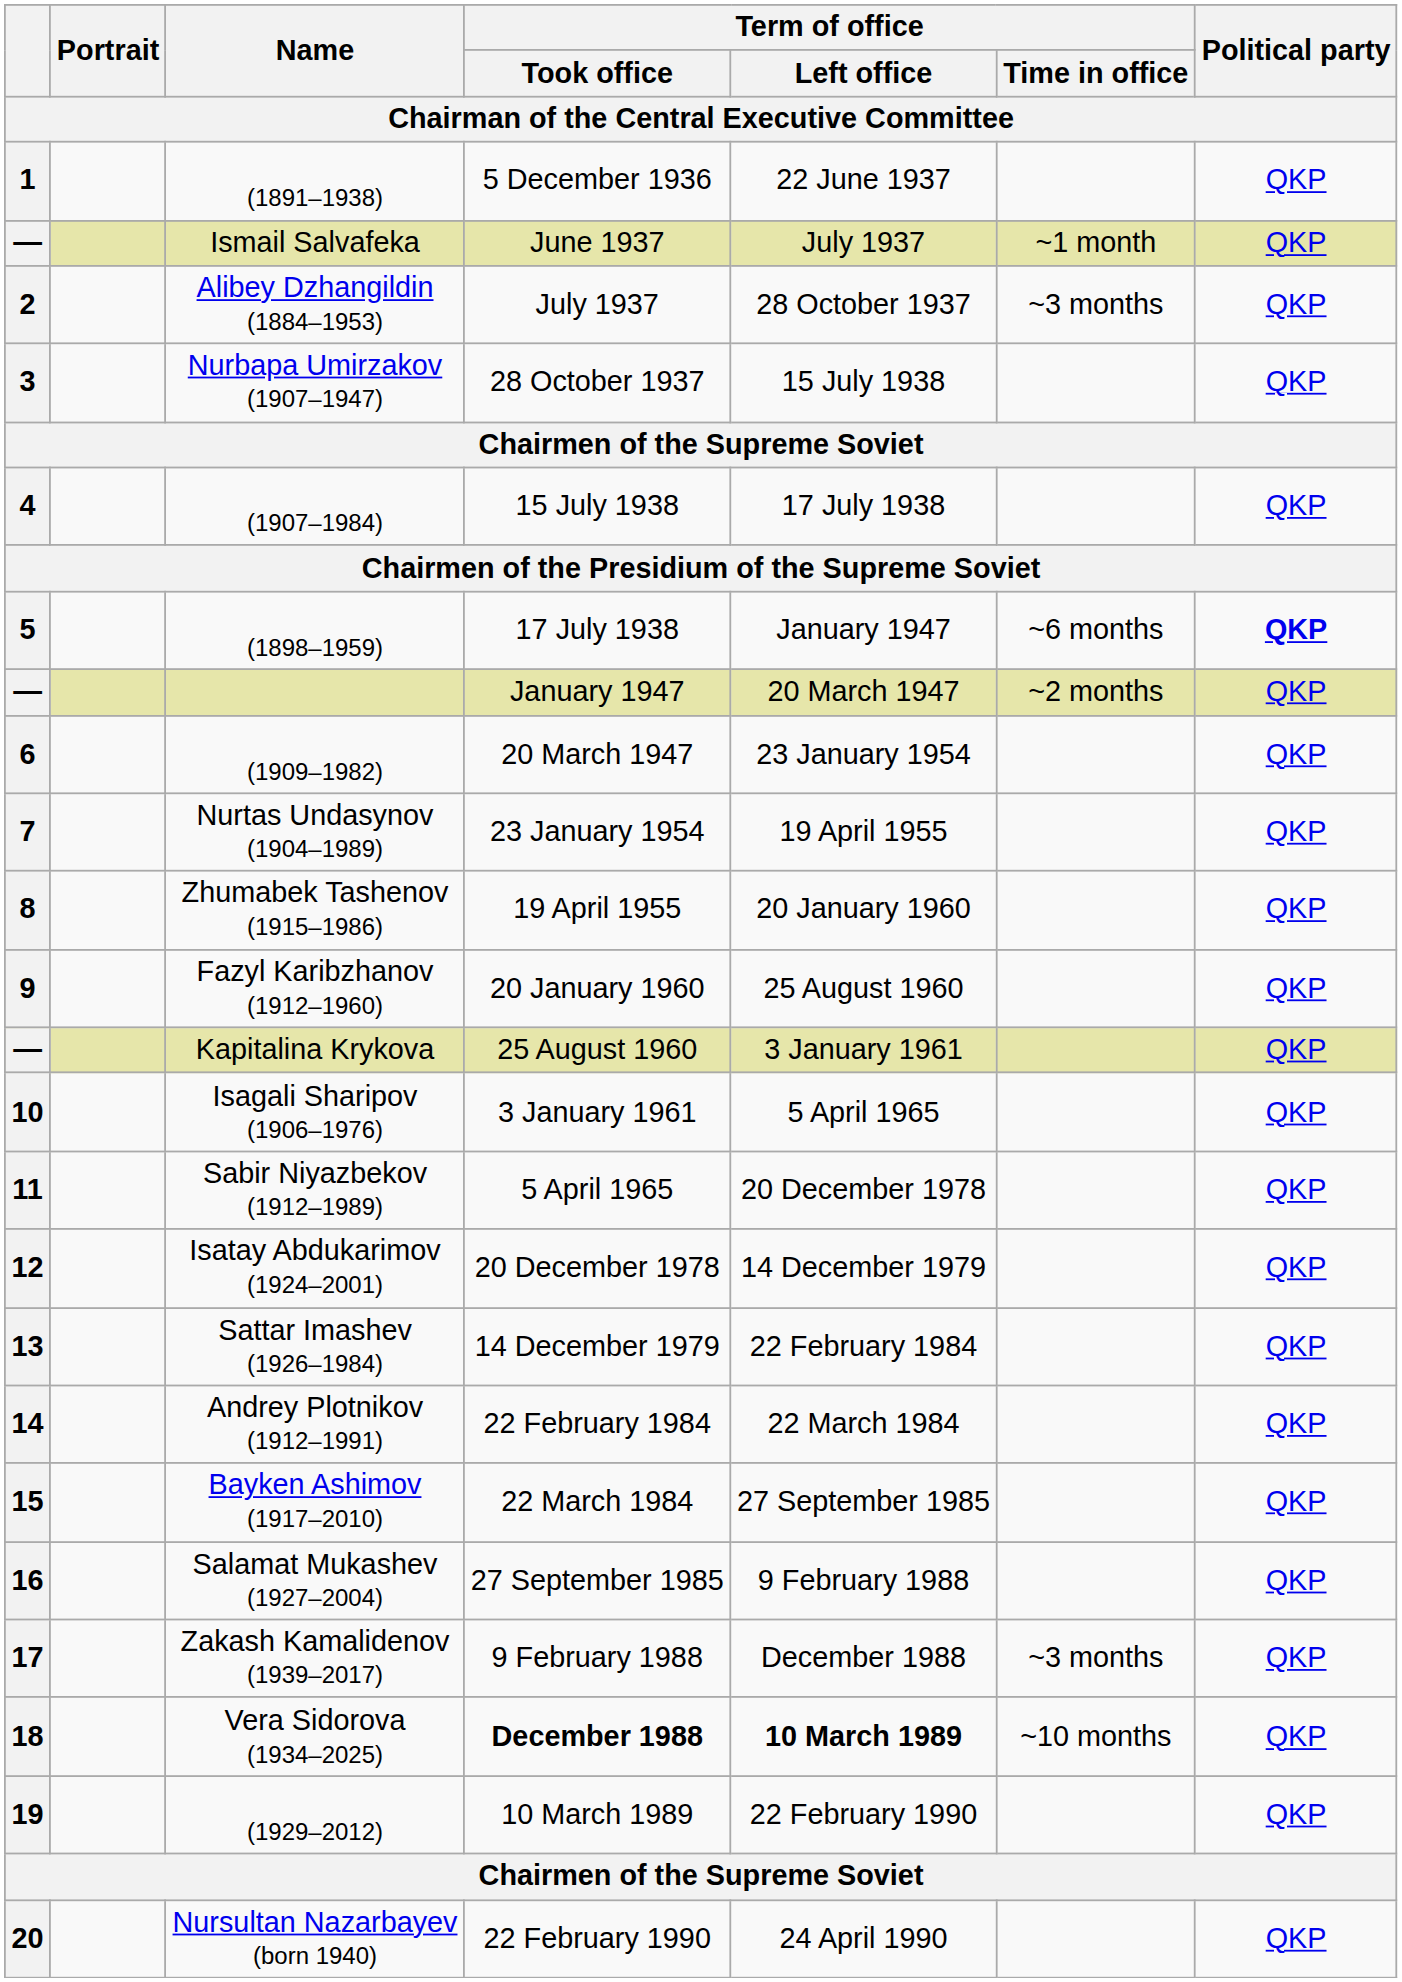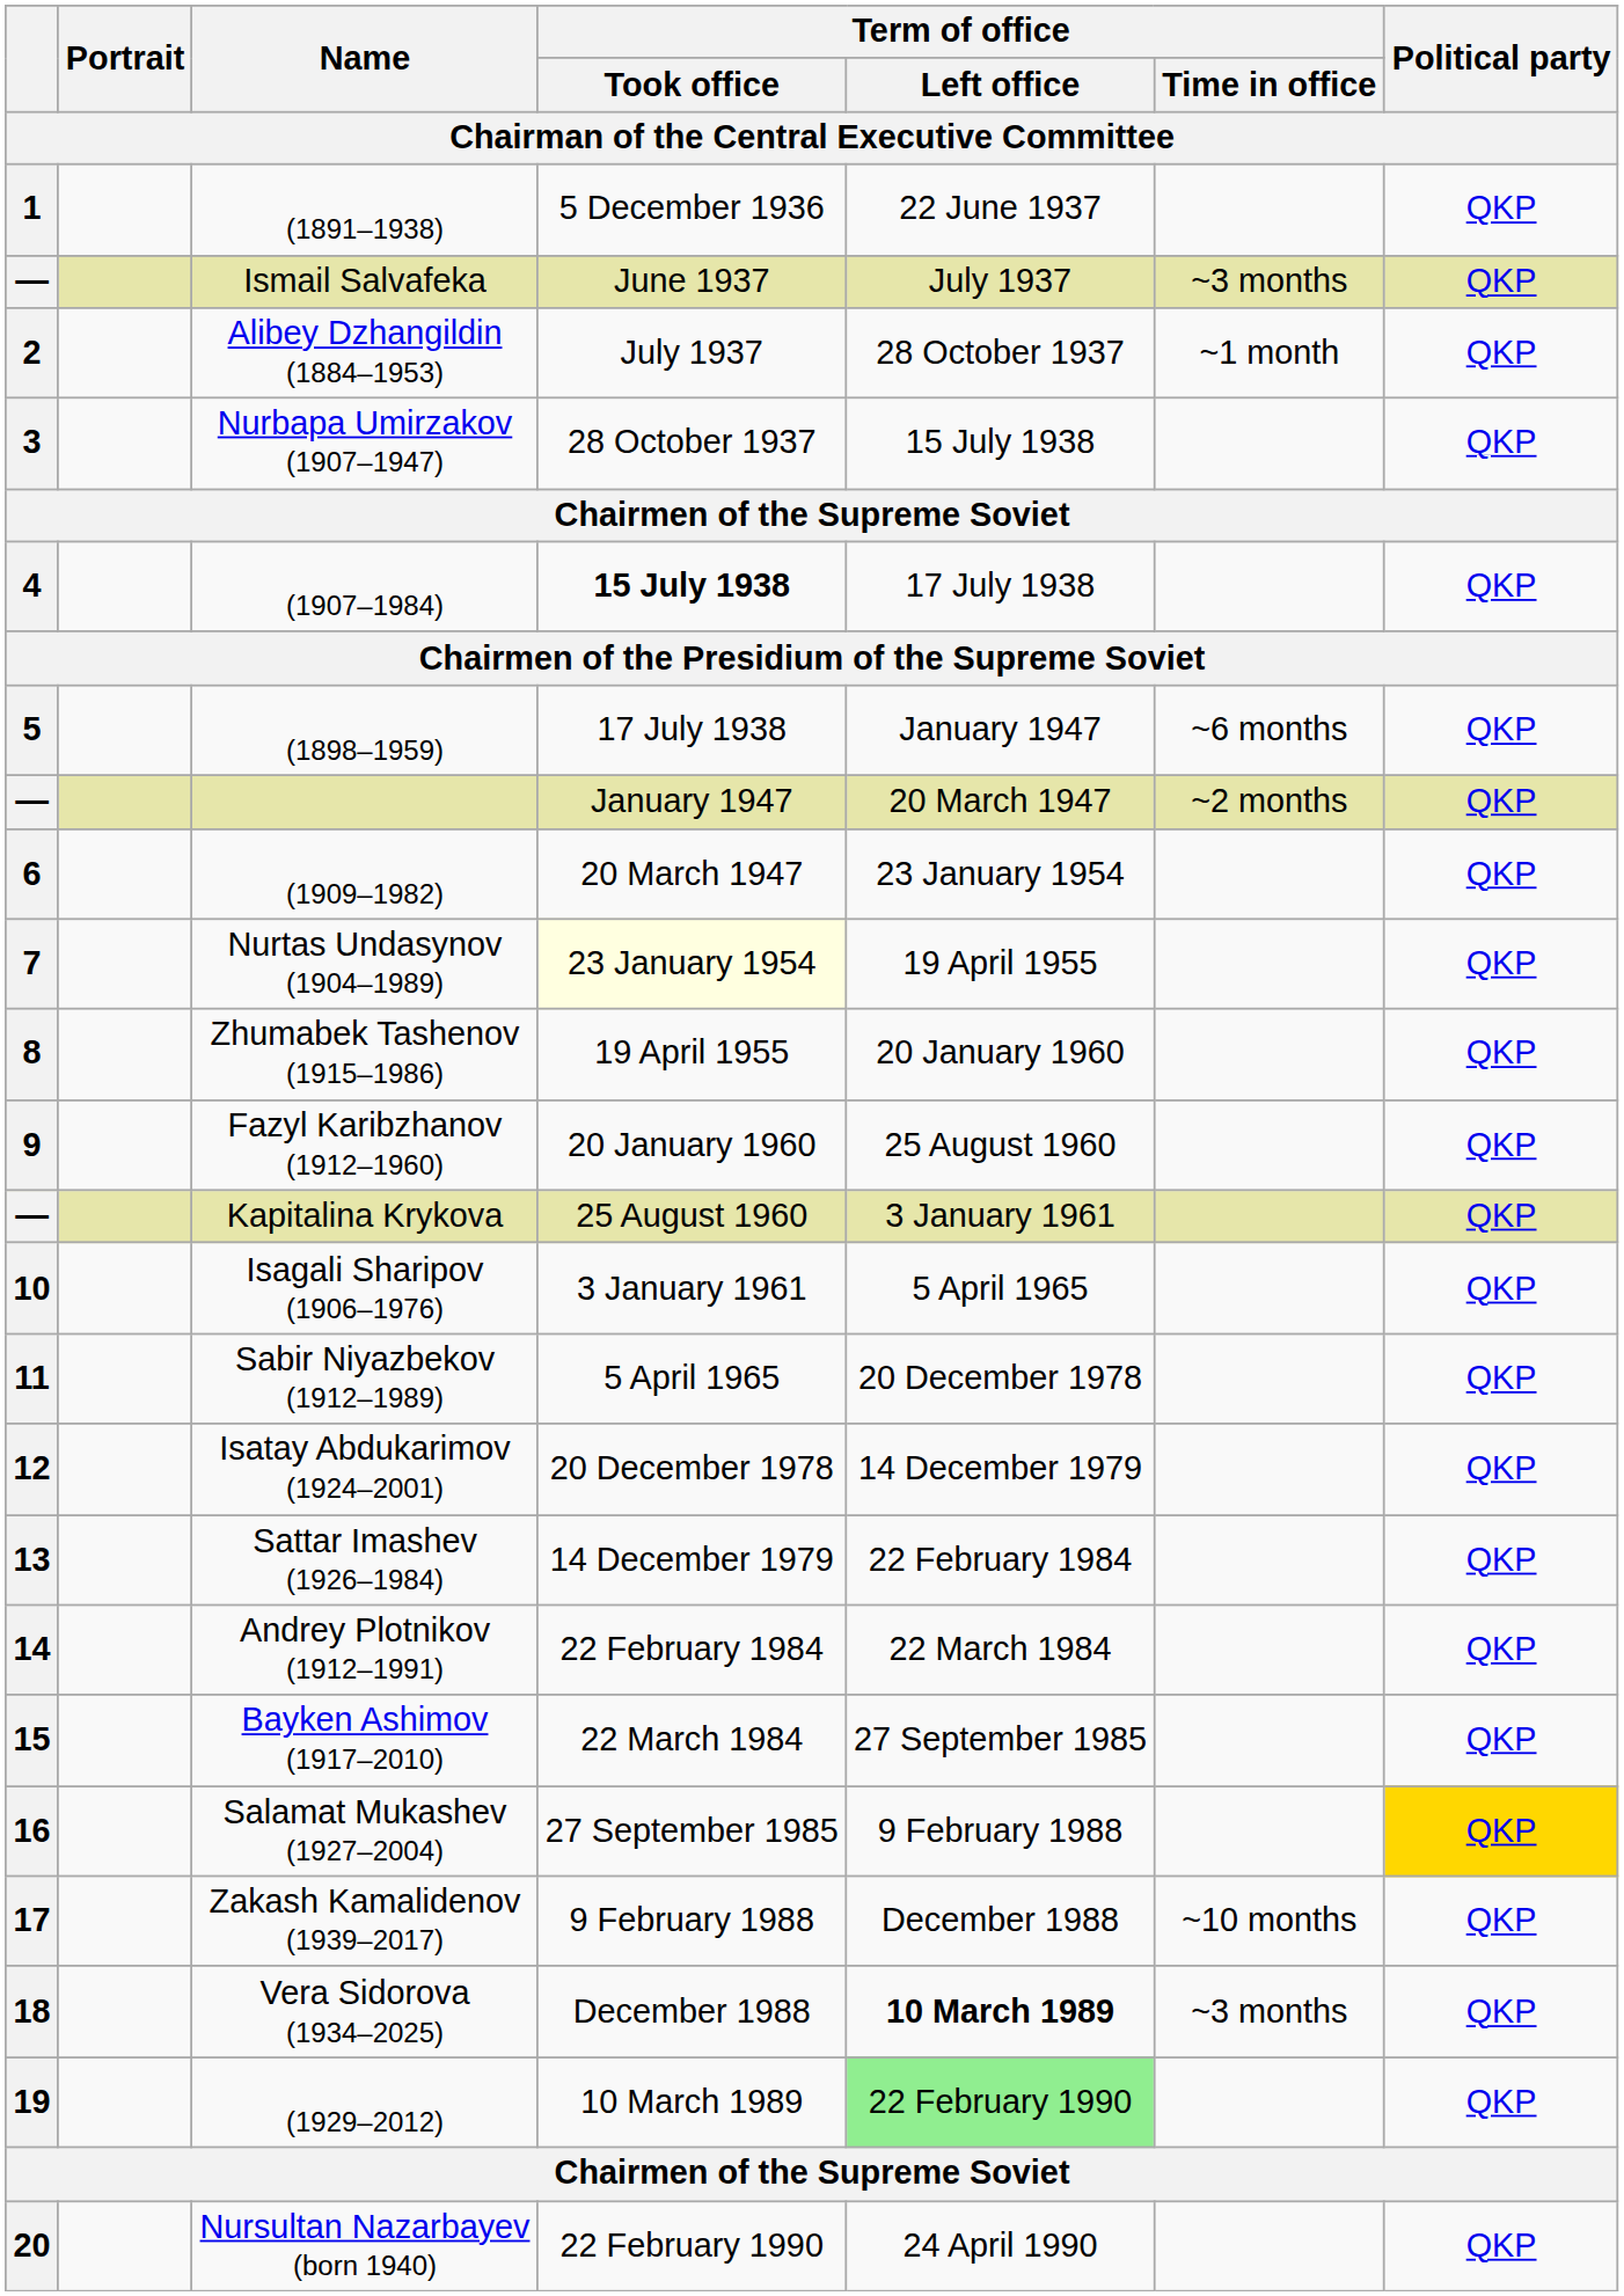 <table class="wikitable" style="text-align:center">
 <tr>
 <th rowspan="2"></th>
 <th rowspan="2">Portrait</th>
 <th rowspan="2">Name<br></th>
 <th colspan="3">Term of office</th>
 <th rowspan="2">Political party</th>
 </tr>
 <tr>
 <th>Took office</th>
 <th>Left office</th>
 <th>Time in office</th>
 </tr>
 <tr>
 <th colspan="7"><strong>Chairman of the Central Executive Committee</strong></th>
 </tr>
 <tr>
 <th style="background:">1</th>
 <td></td>
 <td><br><small>(1891–1938)</small></td>
 <td>5 December 1936</td>
 <td>22 June 1937</td>
 <td></td>
 <td><a href='#'>QKP</a></td>
 </tr>
 <tr style="background:#e6e6aa;">
 <th style="background:">—</th>
 <td></td>
 <td>Ismail Salvafeka<br></td>
 <td>June 1937</td>
 <td>July 1937</td>
-<td>~1 month</td>
+<td>~3 months</td>
 <td><a href='#'>QKP</a></td>
 </tr>
 <tr>
 <th style="background:">2</th>
 <td></td>
 <td><a href='#'>Alibey Dzhangildin</a><br><small>(1884–1953)</small></td>
 <td>July 1937</td>
 <td>28 October 1937</td>
-<td>~3 months</td>
+<td>~1 month</td>
 <td><a href='#'>QKP</a></td>
 </tr>
 <tr>
 <th style="background:">3</th>
 <td></td>
 <td><a href='#'>Nurbapa Umirzakov</a><br><small>(1907–1947)</small></td>
 <td>28 October 1937</td>
 <td>15 July 1938</td>
 <td></td>
 <td><a href='#'>QKP</a></td>
 </tr>
 <tr>
 <th colspan="7"><strong>Chairmen of the Supreme Soviet</strong></th>
 </tr>
 <tr>
 <th style="background:">4</th>
 <td></td>
 <td><br><small>(1907–1984)</small></td>
-<td>15 July 1938</td>
+<td><strong>15 July 1938</strong></td>
 <td>17 July 1938</td>
 <td></td>
 <td><a href='#'>QKP</a></td>
 </tr>
 <tr>
 <th colspan="7"><strong>Chairmen of the Presidium of the Supreme Soviet</strong></th>
 </tr>
 <tr>
 <th style="background:">5</th>
 <td></td>
 <td><br><small>(1898–1959)</small></td>
 <td>17 July 1938</td>
 <td>January 1947</td>
 <td>~6 months</td>
-<td><strong><a href='#'>QKP</a></strong></td>
+<td><a href='#'>QKP</a></td>
 </tr>
 <tr style="background:#e6e6aa;" |>
 <th style="background:">—</th>
 <td></td>
 <td><br></td>
 <td>January 1947</td>
 <td>20 March 1947</td>
 <td>~2 months</td>
 <td><a href='#'>QKP</a></td>
 </tr>
 <tr>
 <th style="background:">6</th>
 <td></td>
 <td><br><small>(1909–1982)</small></td>
 <td>20 March 1947</td>
 <td>23 January 1954</td>
 <td></td>
 <td><a href='#'>QKP</a></td>
 </tr>
 <tr>
 <th style="background:">7</th>
 <td></td>
 <td>Nurtas Undasynov<br><small>(1904–1989)</small></td>
-<td>23 January 1954</td>
+<td style="background: lightyellow;">23 January 1954</td>
 <td>19 April 1955</td>
 <td></td>
 <td><a href='#'>QKP</a></td>
 </tr>
 <tr>
 <th style="background:">8</th>
 <td></td>
 <td>Zhumabek Tashenov<br><small>(1915–1986)</small></td>
 <td>19 April 1955</td>
 <td>20 January 1960</td>
 <td></td>
 <td><a href='#'>QKP</a></td>
 </tr>
 <tr>
 <th style="background:">9</th>
 <td></td>
 <td>Fazyl Karibzhanov<br><small>(1912–1960)</small></td>
 <td>20 January 1960</td>
 <td>25 August 1960</td>
 <td></td>
 <td><a href='#'>QKP</a></td>
 </tr>
 <tr style="background:#e6e6aa;" |>
 <th style="background:">—</th>
 <td></td>
 <td>Kapitalina Krykova<br></td>
 <td>25 August 1960</td>
 <td>3 January 1961</td>
 <td></td>
 <td><a href='#'>QKP</a></td>
 </tr>
 <tr>
 <th style="background:">10</th>
 <td></td>
 <td>Isagali Sharipov<br><small>(1906–1976)</small></td>
 <td>3 January 1961</td>
 <td>5 April 1965</td>
 <td></td>
 <td><a href='#'>QKP</a></td>
 </tr>
 <tr>
 <th style="background:">11</th>
 <td></td>
 <td>Sabir Niyazbekov<br><small>(1912–1989)</small></td>
 <td>5 April 1965</td>
 <td>20 December 1978</td>
 <td></td>
 <td><a href='#'>QKP</a></td>
 </tr>
 <tr>
 <th style="background:">12</th>
 <td></td>
 <td>Isatay Abdukarimov<br><small>(1924–2001)</small></td>
 <td>20 December 1978</td>
 <td>14 December 1979</td>
 <td></td>
 <td><a href='#'>QKP</a></td>
 </tr>
 <tr>
 <th style="background:">13</th>
 <td></td>
 <td>Sattar Imashev<br><small>(1926–1984)</small></td>
 <td>14 December 1979</td>
 <td>22 February 1984</td>
 <td></td>
 <td><a href='#'>QKP</a></td>
 </tr>
 <tr>
 <th style="background:">14</th>
 <td></td>
 <td>Andrey Plotnikov<br><small>(1912–1991)</small></td>
 <td>22 February 1984</td>
 <td>22 March 1984</td>
 <td></td>
 <td><a href='#'>QKP</a></td>
 </tr>
 <tr>
 <th style="background:">15</th>
 <td></td>
 <td><a href='#'>Bayken Ashimov</a><br><small>(1917–2010)</small></td>
 <td>22 March 1984</td>
 <td>27 September 1985</td>
 <td></td>
 <td><a href='#'>QKP</a></td>
 </tr>
 <tr>
 <th style="background:">16</th>
 <td></td>
 <td>Salamat Mukashev<br><small>(1927–2004)</small></td>
 <td>27 September 1985</td>
 <td>9 February 1988</td>
 <td></td>
-<td><a href='#'>QKP</a></td>
+<td style="background: gold;"><a href='#'>QKP</a></td>
 </tr>
 <tr>
 <th style="background:">17</th>
 <td></td>
 <td>Zakash Kamalidenov<br><small>(1939–2017)</small></td>
 <td>9 February 1988</td>
 <td>December 1988</td>
-<td>~3 months</td>
+<td>~10 months</td>
 <td><a href='#'>QKP</a></td>
 </tr>
 <tr>
 <th style="background:">18</th>
 <td></td>
 <td>Vera Sidorova<br><small>(1934–2025)</small></td>
-<td><strong>December 1988</strong></td>
+<td>December 1988</td>
 <td><strong>10 March 1989</strong></td>
-<td>~10 months</td>
+<td>~3 months</td>
 <td><a href='#'>QKP</a></td>
 </tr>
 <tr>
 <th style="background:">19</th>
 <td></td>
 <td><br><small>(1929–2012)</small></td>
 <td>10 March 1989</td>
-<td>22 February 1990</td>
+<td style="background: lightgreen;">22 February 1990</td>
 <td></td>
 <td><a href='#'>QKP</a></td>
 </tr>
 <tr>
 <th colspan="7"><strong>Chairmen of the Supreme Soviet</strong></th>
 </tr>
 <tr>
 <th style="background:">20</th>
 <td></td>
 <td><a href='#'>Nursultan Nazarbayev</a><br><small>(born 1940)</small></td>
 <td>22 February 1990</td>
 <td>24 April 1990</td>
 <td></td>
 <td><a href='#'>QKP</a></td>
 </tr>
 </table>
